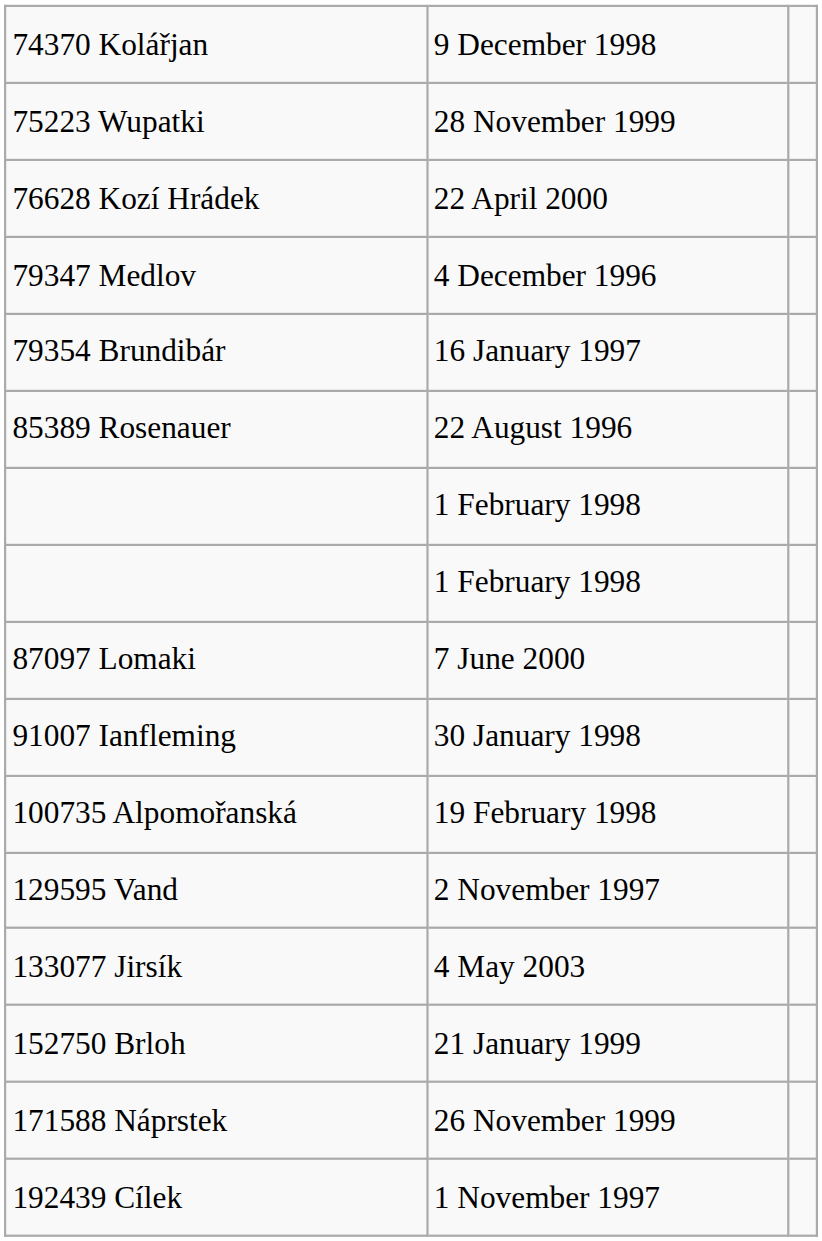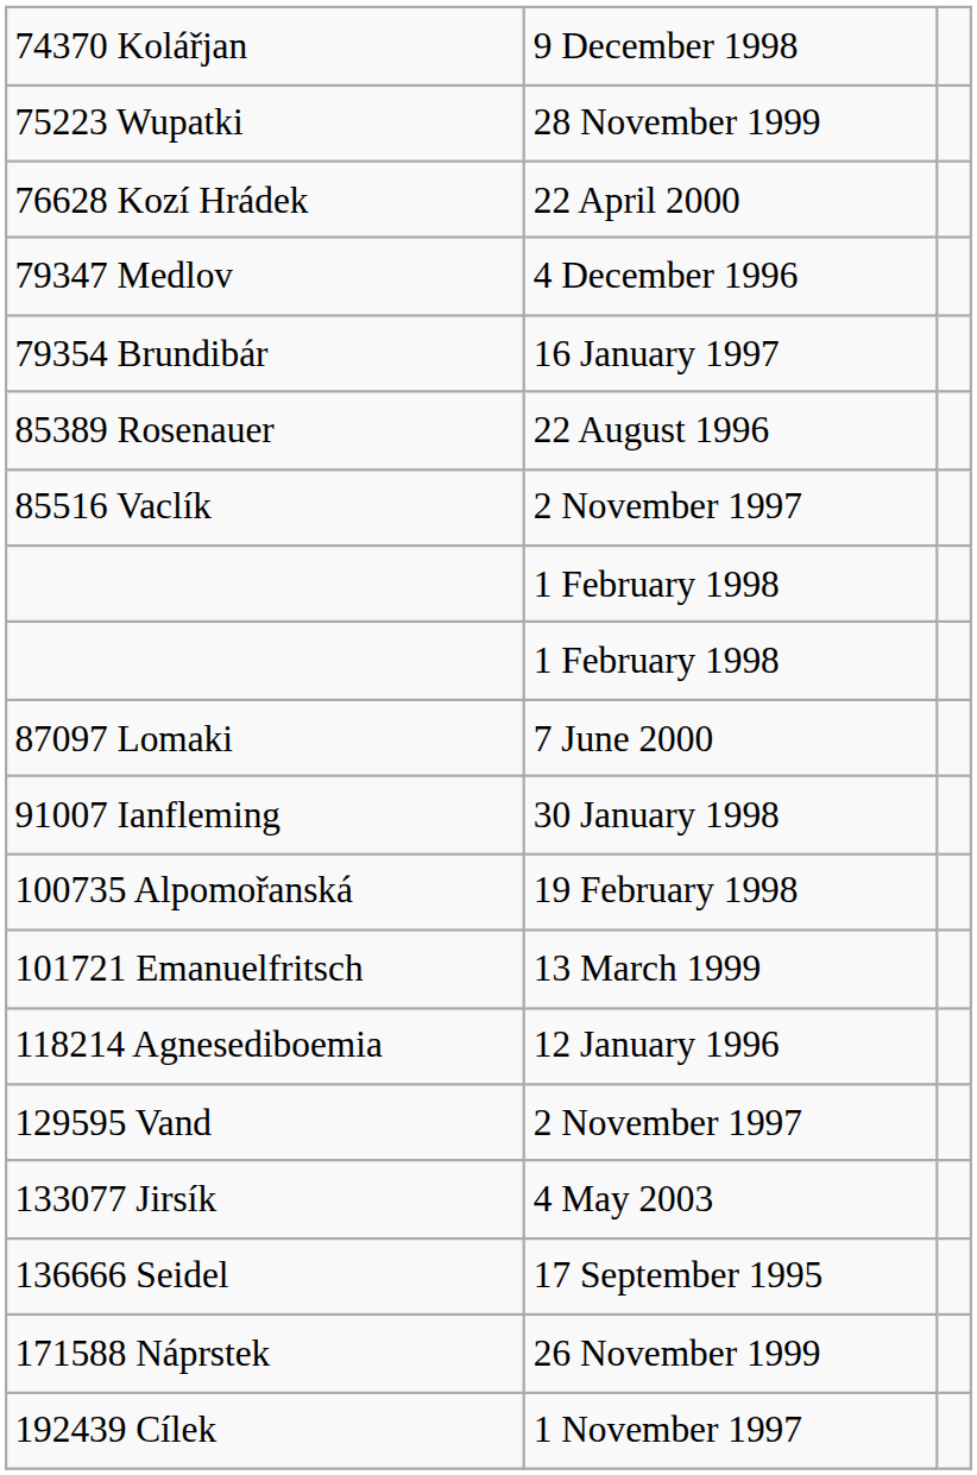 <table class="wikitable" style="font-size: 89%; float: left; width: 26em; margin-right: 1em; height: 560px;">
 <tr>
 <td>74370 Kolářjan</td>
 <td>9 December 1998</td>
 <td> </td>
 </tr>
 <tr>
 <td>75223 Wupatki</td>
 <td>28 November 1999</td>
 <td> </td>
 </tr>
 <tr>
 <td>76628 Kozí Hrádek</td>
 <td>22 April 2000</td>
 <td> </td>
 </tr>
 <tr>
 <td>79347 Medlov</td>
 <td>4 December 1996</td>
 <td> </td>
 </tr>
 <tr>
 <td>79354 Brundibár</td>
 <td>16 January 1997</td>
 <td> </td>
 </tr>
 <tr>
 <td>85389 Rosenauer</td>
 <td>22 August 1996</td>
 <td> </td>
 </tr>
 <tr>
+<td>85516 Vaclík</td>
+<td>2 November 1997</td>
+<td> </td>
+</tr>
+<tr>
 <td></td>
 <td>1 February 1998</td>
 <td> </td>
 </tr>
 <tr>
 <td></td>
 <td>1 February 1998</td>
 <td> </td>
 </tr>
 <tr>
 <td>87097 Lomaki</td>
 <td>7 June 2000</td>
 <td> </td>
 </tr>
 <tr>
 <td>91007 Ianfleming</td>
 <td>30 January 1998</td>
 <td> </td>
 </tr>
 <tr>
 <td>100735 Alpomořanská</td>
 <td>19 February 1998</td>
 <td> </td>
 </tr>
 <tr>
+<td>101721 Emanuelfritsch</td>
+<td>13 March 1999</td>
+<td> </td>
+</tr>
+<tr>
+<td>118214 Agnesediboemia</td>
+<td>12 January 1996</td>
+<td> </td>
+</tr>
+<tr>
 <td>129595 Vand</td>
 <td>2 November 1997</td>
 <td> </td>
 </tr>
 <tr>
 <td>133077 Jirsík</td>
 <td>4 May 2003</td>
 <td> </td>
 </tr>
 <tr>
-<td>152750 Brloh</td>
-<td>21 January 1999</td>
+<td>136666 Seidel</td>
+<td>17 September 1995</td>
 <td> </td>
 </tr>
 <tr>
 <td>171588 Náprstek</td>
 <td>26 November 1999</td>
 <td> </td>
 </tr>
 <tr>
 <td>192439 Cílek</td>
 <td>1 November 1997</td>
 <td> </td>
 </tr>
 </table>
